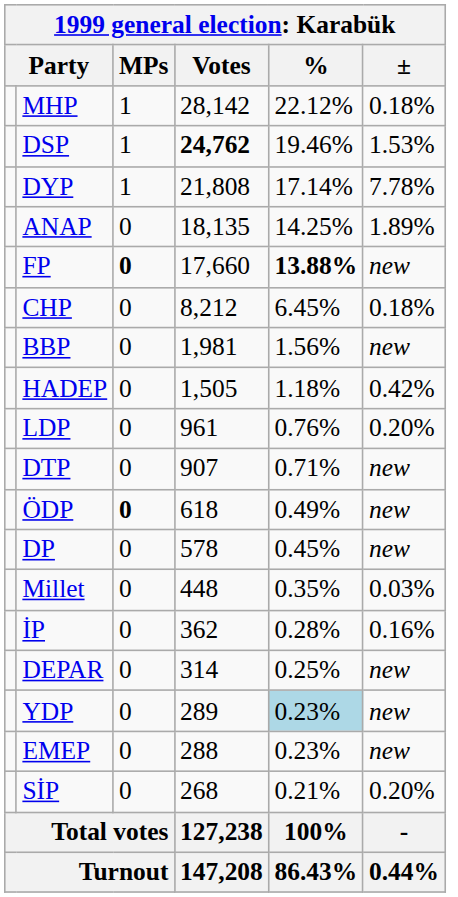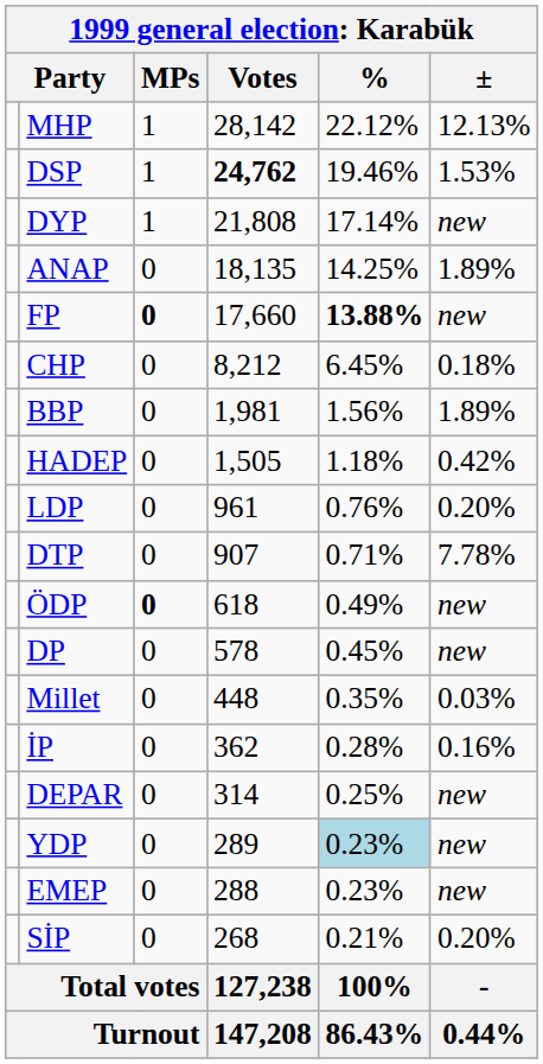 <table class="wikitable sortable">
 <tr>
 <th colspan="6"><a href='#'>1999 general election</a>: Karabük</th>
 </tr>
 <tr>
 <th colspan="2">Party</th>
 <th>MPs</th>
 <th>Votes</th>
 <th>%</th>
 <th>±</th>
 </tr>
 <tr>
 <td style="background:"></td>
 <td><a href='#'>MHP</a></td>
 <td>1</td>
 <td>28,142</td>
 <td>22.12%</td>
-<td>0.18%</td>
+<td>12.13%</td>
 </tr>
 <tr>
 <td style="background:"></td>
 <td><a href='#'>DSP</a></td>
 <td>1</td>
 <td><strong>24,762</strong></td>
 <td>19.46%</td>
 <td>1.53%</td>
 </tr>
 <tr>
 <td style="background:"></td>
 <td><a href='#'>DYP</a></td>
 <td>1</td>
 <td>21,808</td>
 <td>17.14%</td>
-<td>7.78%</td>
+<td><em>new</em></td>
 </tr>
 <tr>
 <td style="background:"></td>
 <td><a href='#'>ANAP</a></td>
 <td>0</td>
 <td>18,135</td>
 <td>14.25%</td>
 <td>1.89%</td>
 </tr>
 <tr>
 <td style="background:"></td>
 <td><a href='#'>FP</a></td>
 <td><strong>0</strong></td>
 <td>17,660</td>
 <td><strong>13.88%</strong></td>
 <td><em>new</em></td>
 </tr>
 <tr>
 <td style="background:"></td>
 <td><a href='#'>CHP</a></td>
 <td>0</td>
 <td>8,212</td>
 <td>6.45%</td>
 <td>0.18%</td>
 </tr>
 <tr>
 <td style="background:"></td>
 <td><a href='#'>BBP</a></td>
 <td>0</td>
 <td>1,981</td>
 <td>1.56%</td>
-<td><em>new</em></td>
+<td>1.89%</td>
 </tr>
 <tr>
 <td style="background:"></td>
 <td><a href='#'>HADEP</a></td>
 <td>0</td>
 <td>1,505</td>
 <td>1.18%</td>
 <td>0.42%</td>
 </tr>
 <tr>
 <td style="background:"></td>
 <td><a href='#'>LDP</a></td>
 <td>0</td>
 <td>961</td>
 <td>0.76%</td>
 <td>0.20%</td>
 </tr>
 <tr>
 <td style="background:"></td>
 <td><a href='#'>DTP</a></td>
 <td>0</td>
 <td>907</td>
 <td>0.71%</td>
-<td><em>new</em></td>
+<td>7.78%</td>
 </tr>
 <tr>
 <td style="background:"></td>
 <td><a href='#'>ÖDP</a></td>
 <td><strong>0</strong></td>
 <td>618</td>
 <td>0.49%</td>
 <td><em>new</em></td>
 </tr>
 <tr>
 <td style="background:"></td>
 <td><a href='#'>DP</a></td>
 <td>0</td>
 <td>578</td>
 <td>0.45%</td>
 <td><em>new</em></td>
 </tr>
 <tr>
 <td style="background:"></td>
 <td><a href='#'>Millet</a></td>
 <td>0</td>
 <td>448</td>
 <td>0.35%</td>
 <td>0.03%</td>
 </tr>
 <tr>
 <td style="background:"></td>
 <td><a href='#'>İP</a></td>
 <td>0</td>
 <td>362</td>
 <td>0.28%</td>
 <td>0.16%</td>
 </tr>
 <tr>
 <td style="background:"></td>
 <td><a href='#'>DEPAR</a></td>
 <td>0</td>
 <td>314</td>
 <td>0.25%</td>
 <td><em>new</em></td>
 </tr>
 <tr>
 <td style="background:"></td>
 <td><a href='#'>YDP</a></td>
 <td>0</td>
 <td>289</td>
 <td style="background: lightblue;">0.23%</td>
 <td><em>new</em></td>
 </tr>
 <tr>
 <td style="background:"></td>
 <td><a href='#'>EMEP</a></td>
 <td>0</td>
 <td>288</td>
 <td>0.23%</td>
 <td><em>new</em></td>
 </tr>
 <tr>
 <td style="background:"></td>
 <td><a href='#'>SİP</a></td>
 <td>0</td>
 <td>268</td>
 <td>0.21%</td>
 <td>0.20%</td>
 </tr>
 <tr>
 <th colspan="3" style="text-align:right">Total votes</th>
 <th>127,238</th>
 <th>100%</th>
 <th>-</th>
 </tr>
 <tr>
 <th colspan="3" style="text-align:right">Turnout</th>
 <th>147,208</th>
 <th>86.43%</th>
 <th>0.44%</th>
 </tr>
 </table>
